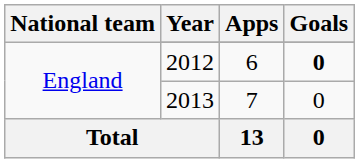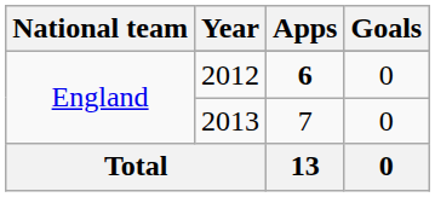 <table class=wikitable style=text-align:center>
 <tr>
 <th>National team</th>
 <th>Year</th>
 <th>Apps</th>
 <th>Goals</th>
 </tr>
 <tr>
 <td rowspan=3><a href='#'>England</a></td>
 </tr>
 <tr>
 <td>2012</td>
-<td>6</td>
-<td><strong>0</strong></td>
+<td><strong>6</strong></td>
+<td>0</td>
 </tr>
 <tr>
 <td>2013</td>
 <td>7</td>
 <td>0</td>
 </tr>
 <tr>
 <th colspan=2>Total</th>
 <th>13</th>
 <th>0</th>
 </tr>
 </table>
